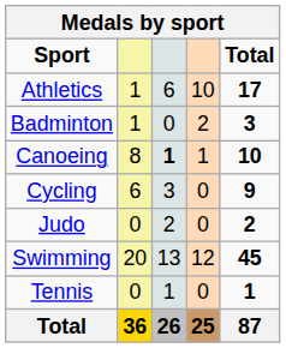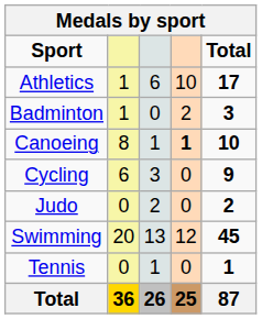 <table class="wikitable" style="font-size:85%; text-align:center;">
 <tr style="background:#efefef;">
 <th colspan=5><strong>Medals by sport</strong></th>
 </tr>
 <tr>
 <td><strong>Sport</strong></td>
 <td style="background:#f7f6a8;"></td>
 <td style="background:#dce5e5;"></td>
 <td style="background:#ffdab9;"></td>
 <td><strong>Total</strong></td>
 </tr>
 <tr>
 <td><a href='#'>Athletics</a></td>
 <td style="background:#F7F6A8;">1</td>
 <td style="background:#DCE5E5;">6</td>
 <td style="background:#FFDAB9;">10</td>
 <td><strong>17</strong></td>
 </tr>
 <tr>
 <td><a href='#'>Badminton</a></td>
 <td style="background:#F7F6A8;">1</td>
 <td style="background:#DCE5E5;">0</td>
 <td style="background:#FFDAB9;">2</td>
 <td><strong>3</strong></td>
 </tr>
 <tr>
 <td><a href='#'>Canoeing</a></td>
 <td style="background:#F7F6A8;">8</td>
-<td style="background:#DCE5E5;"><strong>1</strong></td>
-<td style="background:#FFDAB9;">1</td>
+<td style="background:#DCE5E5;">1</td>
+<td style="background:#FFDAB9;"><strong>1</strong></td>
 <td><strong>10</strong></td>
 </tr>
 <tr>
 <td><a href='#'>Cycling</a></td>
 <td style="background:#F7F6A8;">6</td>
 <td style="background:#DCE5E5;">3</td>
 <td style="background:#FFDAB9;">0</td>
 <td><strong>9</strong></td>
 </tr>
 <tr>
 <td><a href='#'>Judo</a></td>
 <td style="background:#F7F6A8;">0</td>
 <td style="background:#DCE5E5;">2</td>
 <td style="background:#FFDAB9;">0</td>
 <td><strong>2</strong></td>
 </tr>
 <tr>
 <td><a href='#'>Swimming</a></td>
 <td style="background:#F7F6A8;">20</td>
 <td style="background:#DCE5E5;">13</td>
 <td style="background:#FFDAB9;">12</td>
 <td><strong>45</strong></td>
 </tr>
 <tr>
 <td><a href='#'>Tennis</a></td>
 <td style="background:#F7F6A8;">0</td>
 <td style="background:#DCE5E5;">1</td>
 <td style="background:#FFDAB9;">0</td>
 <td><strong>1</strong></td>
 </tr>
 <tr>
 <th>Total</th>
 <th style="background:gold;"  >36</th>
 <th style="background:silver;">26</th>
 <th style="background:#c96;"  >25</th>
 <th>87</th>
 </tr>
 </table>
